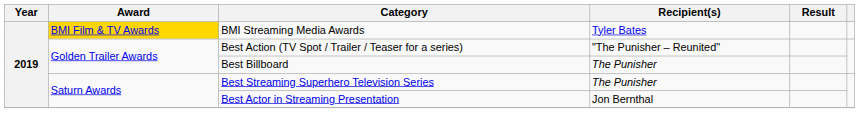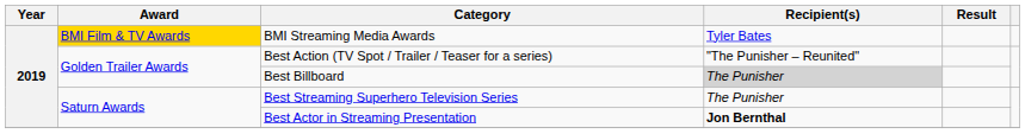 <table class="wikitable sortable plainrowheaders" style="width: 99%;">
 <tr>
 <th scope="col">Year</th>
 <th scope="col">Award</th>
 <th scope="col">Category</th>
 <th scope="col">Recipient(s)</th>
 <th scope="col">Result</th>
 <th scope="col" class="unsortable"></th>
 </tr>
 <tr>
 <th scope="row" rowspan="5">2019</th>
 <td style="background: gold;"><a href='#'>BMI Film & TV Awards</a></td>
 <td>BMI Streaming Media Awards</td>
 <td><a href='#'>Tyler Bates</a></td>
 <td></td>
 <td style="text-align: center;"></td>
 </tr>
 <tr>
 <td rowspan="2"><a href='#'>Golden Trailer Awards</a></td>
 <td>Best Action (TV Spot / Trailer / Teaser for a series)</td>
 <td>"The Punisher – Reunited"</td>
 <td></td>
 <td rowspan="2" style="text-align: center;"></td>
 </tr>
 <tr>
 <td>Best Billboard</td>
-<td><em>The Punisher</em></td>
+<td style="background: lightgrey;"><em>The Punisher</em></td>
 <td></td>
 </tr>
 <tr>
 <td rowspan="2"><a href='#'>Saturn Awards</a></td>
 <td><a href='#'>Best Streaming Superhero Television Series</a></td>
 <td><em>The Punisher</em></td>
 <td></td>
 <td rowspan="2" style="text-align: center;"></td>
 </tr>
 <tr>
 <td><a href='#'>Best Actor in Streaming Presentation</a></td>
-<td>Jon Bernthal</td>
+<td><strong>Jon Bernthal</strong></td>
 <td></td>
 </tr>
 <tr>
 </tr>
 </table>
